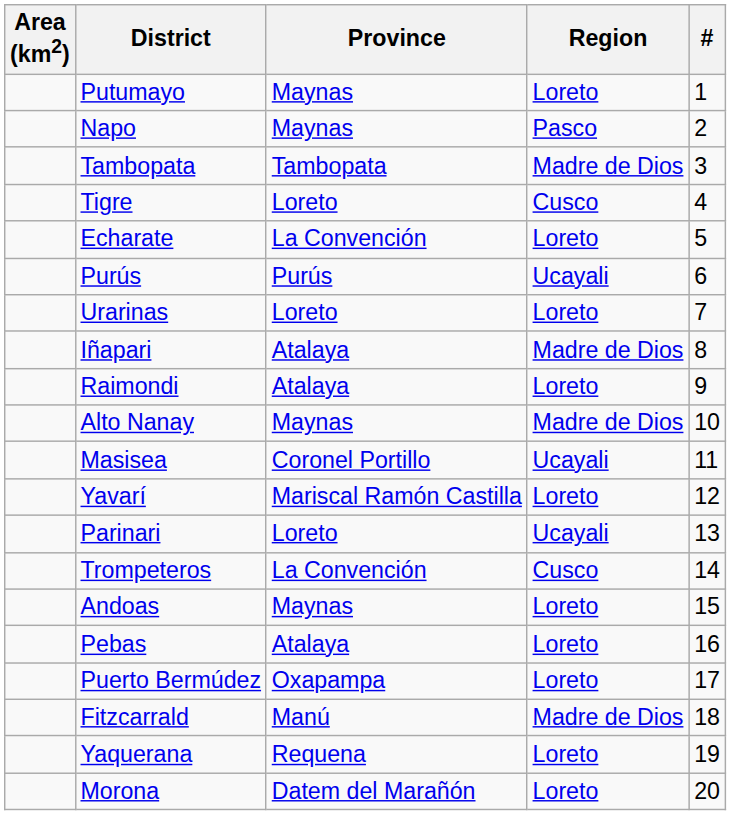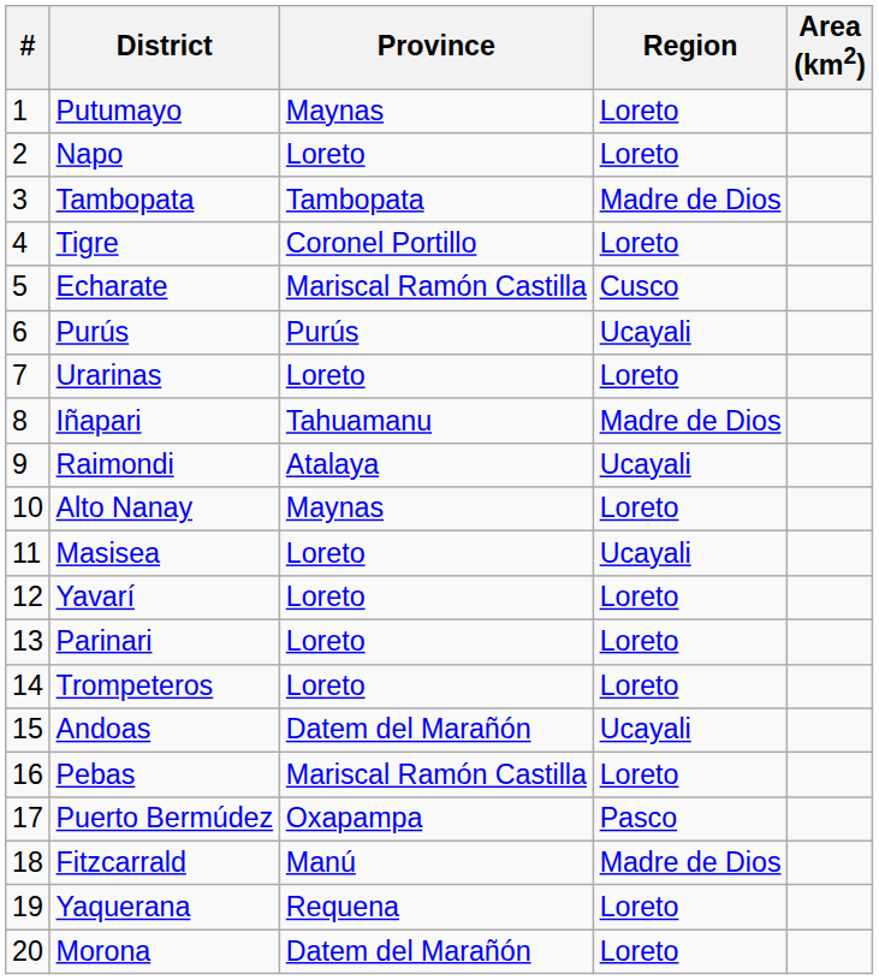 <table align=center class="wikitable" Style="align:center;">
 <tr>
-<th>Area<br>(km<sup>2</sup>)</th>
+<th>#</th>
 <th>District</th>
 <th>Province</th>
 <th>Region</th>
-<th>#</th>
+<th>Area<br>(km<sup>2</sup>)</th>
 </tr>
 <tr>
-<td align=right></td>
+<td>1</td>
 <td><a href='#'>Putumayo</a></td>
 <td><a href='#'>Maynas</a></td>
 <td><a href='#'>Loreto</a></td>
-<td>1</td>
+<td align=right></td>
 </tr>
 <tr>
+<td>2</td>
+<td><a href='#'>Napo</a></td>
+<td><a href='#'>Loreto</a></td>
+<td><a href='#'>Loreto</a></td>
 <td align=right></td>
-<td><a href='#'>Napo</a></td>
-<td><a href='#'>Maynas</a></td>
-<td><a href='#'>Pasco</a></td>
-<td>2</td>
 </tr>
 <tr>
-<td align=right></td>
+<td>3</td>
 <td><a href='#'>Tambopata</a></td>
 <td><a href='#'>Tambopata</a></td>
 <td><a href='#'>Madre de Dios</a></td>
-<td>3</td>
+<td align=right></td>
 </tr>
 <tr>
+<td>4</td>
+<td><a href='#'>Tigre</a></td>
+<td><a href='#'>Coronel Portillo</a></td>
+<td><a href='#'>Loreto</a></td>
 <td align=right></td>
-<td><a href='#'>Tigre</a></td>
-<td><a href='#'>Loreto</a></td>
-<td><a href='#'>Cusco</a></td>
-<td>4</td>
 </tr>
 <tr>
+<td>5</td>
+<td><a href='#'>Echarate</a></td>
+<td><a href='#'>Mariscal Ramón Castilla</a></td>
+<td><a href='#'>Cusco</a></td>
 <td align=right></td>
-<td><a href='#'>Echarate</a></td>
-<td><a href='#'>La Convención</a></td>
-<td><a href='#'>Loreto</a></td>
-<td>5</td>
 </tr>
 <tr>
-<td align=right></td>
+<td>6</td>
 <td><a href='#'>Purús</a></td>
 <td><a href='#'>Purús</a></td>
 <td><a href='#'>Ucayali</a></td>
-<td>6</td>
+<td align=right></td>
 </tr>
 <tr>
-<td align=right></td>
+<td>7</td>
 <td><a href='#'>Urarinas</a></td>
 <td><a href='#'>Loreto</a></td>
 <td><a href='#'>Loreto</a></td>
-<td>7</td>
+<td align=right></td>
 </tr>
 <tr>
+<td>8</td>
+<td><a href='#'>Iñapari</a></td>
+<td><a href='#'>Tahuamanu</a></td>
+<td><a href='#'>Madre de Dios</a></td>
 <td align=right></td>
-<td><a href='#'>Iñapari</a></td>
-<td><a href='#'>Atalaya</a></td>
-<td><a href='#'>Madre de Dios</a></td>
-<td>8</td>
 </tr>
 <tr>
-<td align=right></td>
+<td>9</td>
 <td><a href='#'>Raimondi</a></td>
 <td><a href='#'>Atalaya</a></td>
-<td><a href='#'>Loreto</a></td>
-<td>9</td>
+<td><a href='#'>Ucayali</a></td>
+<td align=right></td>
 </tr>
 <tr>
-<td align=right></td>
+<td>10</td>
 <td><a href='#'>Alto Nanay</a></td>
 <td><a href='#'>Maynas</a></td>
-<td><a href='#'>Madre de Dios</a></td>
-<td>10</td>
+<td><a href='#'>Loreto</a></td>
+<td align=right></td>
 </tr>
 <tr>
+<td>11</td>
+<td><a href='#'>Masisea</a></td>
+<td><a href='#'>Loreto</a></td>
+<td><a href='#'>Ucayali</a></td>
 <td align=right></td>
-<td><a href='#'>Masisea</a></td>
-<td><a href='#'>Coronel Portillo</a></td>
-<td><a href='#'>Ucayali</a></td>
-<td>11</td>
 </tr>
 <tr>
+<td>12</td>
+<td><a href='#'>Yavarí</a></td>
+<td><a href='#'>Loreto</a></td>
+<td><a href='#'>Loreto</a></td>
 <td align=right></td>
-<td><a href='#'>Yavarí</a></td>
+</tr>
+<tr>
+<td>13</td>
+<td><a href='#'>Parinari</a></td>
+<td><a href='#'>Loreto</a></td>
+<td><a href='#'>Loreto</a></td>
+<td align=right></td>
+</tr>
+<tr>
+<td>14</td>
+<td><a href='#'>Trompeteros</a></td>
+<td><a href='#'>Loreto</a></td>
+<td><a href='#'>Loreto</a></td>
+<td align=right></td>
+</tr>
+<tr>
+<td>15</td>
+<td><a href='#'>Andoas</a></td>
+<td><a href='#'>Datem del Marañón</a></td>
+<td><a href='#'>Ucayali</a></td>
+<td align=right></td>
+</tr>
+<tr>
+<td>16</td>
+<td><a href='#'>Pebas</a></td>
 <td><a href='#'>Mariscal Ramón Castilla</a></td>
 <td><a href='#'>Loreto</a></td>
-<td>12</td>
+<td align=right></td>
 </tr>
 <tr>
+<td>17</td>
+<td><a href='#'>Puerto Bermúdez</a></td>
+<td><a href='#'>Oxapampa</a></td>
+<td><a href='#'>Pasco</a></td>
 <td align=right></td>
-<td><a href='#'>Parinari</a></td>
-<td><a href='#'>Loreto</a></td>
-<td><a href='#'>Ucayali</a></td>
-<td>13</td>
 </tr>
 <tr>
-<td align=right></td>
-<td><a href='#'>Trompeteros</a></td>
-<td><a href='#'>La Convención</a></td>
-<td><a href='#'>Cusco</a></td>
-<td>14</td>
-</tr>
-<tr>
-<td align=right></td>
-<td><a href='#'>Andoas</a></td>
-<td><a href='#'>Maynas</a></td>
-<td><a href='#'>Loreto</a></td>
-<td>15</td>
-</tr>
-<tr>
-<td align=right></td>
-<td><a href='#'>Pebas</a></td>
-<td><a href='#'>Atalaya</a></td>
-<td><a href='#'>Loreto</a></td>
-<td>16</td>
-</tr>
-<tr>
-<td align=right></td>
-<td><a href='#'>Puerto Bermúdez</a></td>
-<td><a href='#'>Oxapampa</a></td>
-<td><a href='#'>Loreto</a></td>
-<td>17</td>
-</tr>
-<tr>
-<td align=right></td>
+<td>18</td>
 <td><a href='#'>Fitzcarrald</a></td>
 <td><a href='#'>Manú</a></td>
 <td><a href='#'>Madre de Dios</a></td>
-<td>18</td>
+<td align=right></td>
 </tr>
 <tr>
-<td align=right></td>
+<td>19</td>
 <td><a href='#'>Yaquerana</a></td>
 <td><a href='#'>Requena</a></td>
 <td><a href='#'>Loreto</a></td>
-<td>19</td>
+<td align=right></td>
 </tr>
 <tr>
-<td align=right></td>
+<td>20</td>
 <td><a href='#'>Morona</a></td>
 <td><a href='#'>Datem del Marañón</a></td>
 <td><a href='#'>Loreto</a></td>
-<td>20</td>
+<td align=right></td>
 </tr>
 </table>
